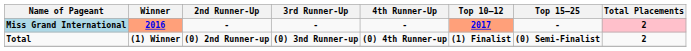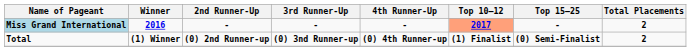 <table class="wikitable sortable" style="font-size: 90%;">
 <tr>
 <th>Name of Pageant</th>
 <th>Winner</th>
 <th>2nd Runner-Up</th>
 <th>3rd Runner-Up</th>
 <th>4th Runner-Up</th>
 <th>Top 10–12</th>
 <th>Top 15–25</th>
 <th>Total Placements</th>
 </tr>
 <tr>
 <td bgcolor="#ADD8E6"><strong>Miss Grand International</strong></td>
-<td align="center" style="background: lightsalmon;"><strong><a href='#'>2016</a></strong></td>
+<td align="center"><strong><a href='#'>2016</a></strong></td>
 <td align="center"><strong>-</strong></td>
 <td align="center"><strong>-</strong></td>
 <td align="center"><strong>-</strong></td>
 <td align="center" style="background: lightsalmon;"><strong><a href='#'>2017</a></strong></td>
 <td align="center"><strong>-</strong></td>
-<td align="center" style="background: pink;"><strong>2</strong></td>
+<td align="center"><strong>2</strong></td>
 </tr>
 <tr>
 <td><strong>Total</strong></td>
 <td align="center"><strong>(1) Winner</strong></td>
 <td align="center"><strong>(0) 2nd Runner-up</strong></td>
 <td align="center"><strong>(0) 3nd Runner-up</strong></td>
 <td align="center"><strong>(0) 4th Runner-up</strong></td>
 <td align="center"><strong>(1) Finalist</strong></td>
 <td align="center"><strong>(0) Semi-Finalist</strong></td>
 <td align="center"><strong>2</strong></td>
 </tr>
 <tr>
 </tr>
 </table>
